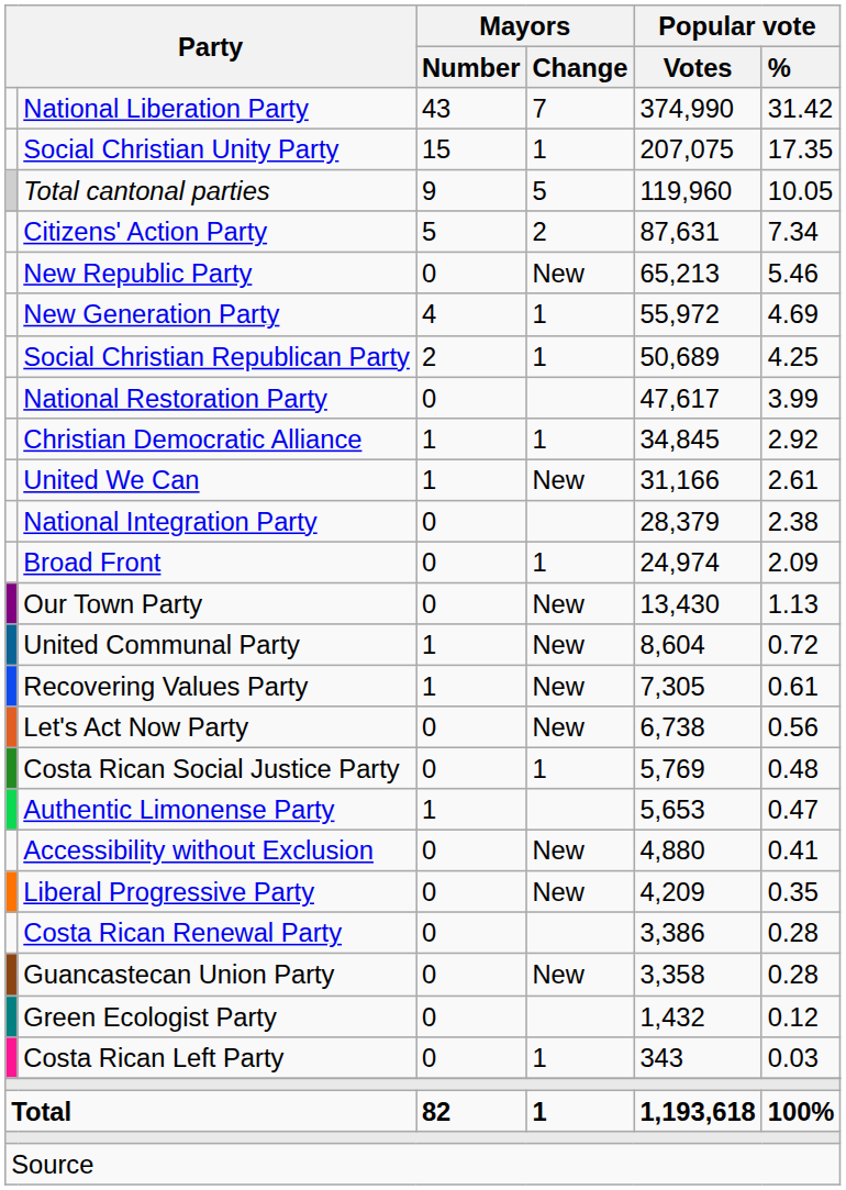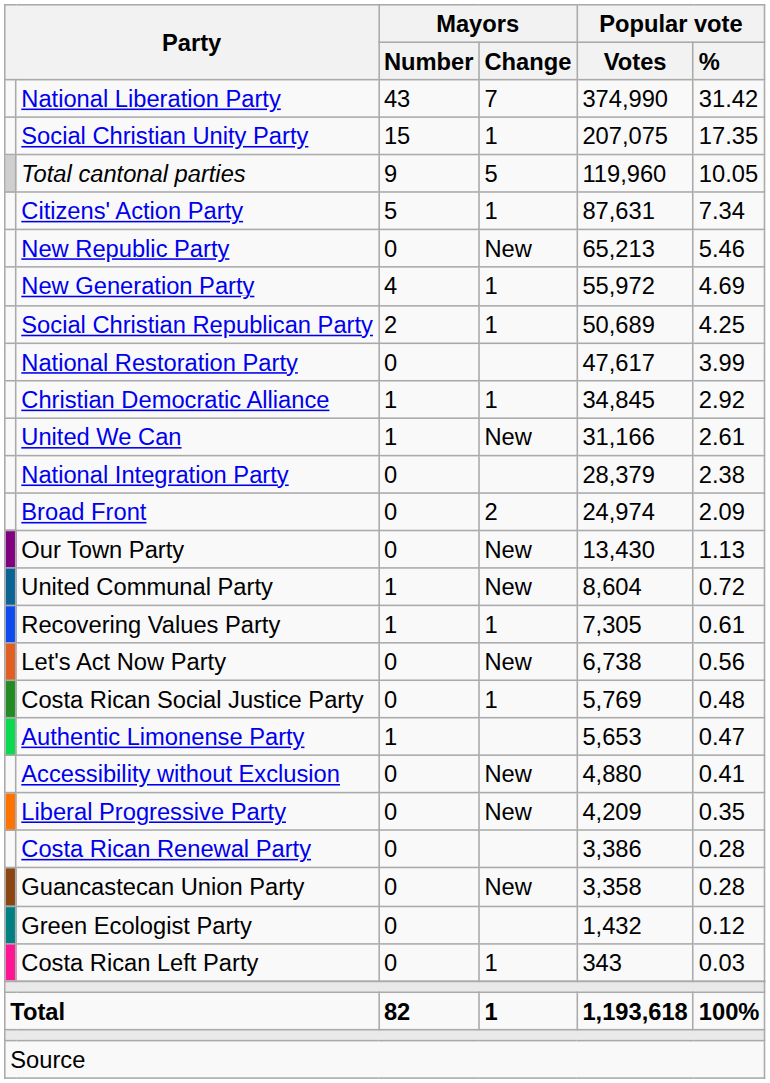 <table class="wikitable" style="text-align:left;font-size:95%;">
 <tr>
 <th colspan="2" rowspan="2">Party</th>
 <th colspan="2">Mayors</th>
 <th colspan="2">Popular vote</th>
 </tr>
 <tr>
 <th valign="top">Number</th>
 <th style="text-align: left;" valign="top">Change</th>
 <th valign="top">Votes</th>
 <th style="text-align: left;" valign="top">%</th>
 </tr>
 <tr>
 <td></td>
 <td><a href='#'>National Liberation Party</a></td>
 <td>43</td>
 <td>7</td>
 <td>374,990</td>
 <td>31.42</td>
 </tr>
 <tr>
 <td></td>
 <td><a href='#'>Social Christian Unity Party</a></td>
 <td>15</td>
 <td>1</td>
 <td>207,075</td>
 <td>17.35</td>
 </tr>
 <tr>
 <td bgcolor="#cfcfcf"></td>
 <td><em>Total cantonal parties</em></td>
 <td>9</td>
 <td>5</td>
 <td>119,960</td>
 <td>10.05</td>
 </tr>
 <tr>
 <td></td>
 <td><a href='#'>Citizens' Action Party</a></td>
 <td>5</td>
-<td>2</td>
+<td>1</td>
 <td>87,631</td>
 <td>7.34</td>
 </tr>
 <tr>
 <td></td>
 <td><a href='#'>New Republic Party</a></td>
 <td>0</td>
 <td>New</td>
 <td>65,213</td>
 <td>5.46</td>
 </tr>
 <tr>
 <td></td>
 <td><a href='#'>New Generation Party</a></td>
 <td>4</td>
 <td>1</td>
 <td>55,972</td>
 <td>4.69</td>
 </tr>
 <tr>
 <td></td>
 <td><a href='#'>Social Christian Republican Party</a></td>
 <td>2</td>
 <td>1</td>
 <td>50,689</td>
 <td>4.25</td>
 </tr>
 <tr>
 <td></td>
 <td><a href='#'>National Restoration Party</a></td>
 <td>0</td>
 <td></td>
 <td>47,617</td>
 <td>3.99</td>
 </tr>
 <tr>
 <td></td>
 <td><a href='#'>Christian Democratic Alliance</a></td>
 <td>1</td>
 <td>1</td>
 <td>34,845</td>
 <td>2.92</td>
 </tr>
 <tr>
 <td></td>
 <td><a href='#'>United We Can</a></td>
 <td>1</td>
 <td>New</td>
 <td>31,166</td>
 <td>2.61</td>
 </tr>
 <tr>
 <td></td>
 <td><a href='#'>National Integration Party</a></td>
 <td>0</td>
 <td></td>
 <td>28,379</td>
 <td>2.38</td>
 </tr>
 <tr>
 <td></td>
 <td><a href='#'>Broad Front</a></td>
 <td>0</td>
-<td>1</td>
+<td>2</td>
 <td>24,974</td>
 <td>2.09</td>
 </tr>
 <tr>
 <td bgcolor="#800080"></td>
 <td>Our Town Party</td>
 <td>0</td>
 <td>New</td>
 <td>13,430</td>
 <td>1.13</td>
 </tr>
 <tr>
 <td bgcolor="#096395"></td>
 <td>United Communal Party</td>
 <td>1</td>
 <td>New</td>
 <td>8,604</td>
 <td>0.72</td>
 </tr>
 <tr>
 <td bgcolor="#0E4BEF"></td>
 <td>Recovering Values Party</td>
 <td>1</td>
-<td>New</td>
+<td>1</td>
 <td>7,305</td>
 <td>0.61</td>
 </tr>
 <tr>
 <td bgcolor="#E25F23"></td>
 <td>Let's Act Now Party</td>
 <td>0</td>
 <td>New</td>
 <td>6,738</td>
 <td>0.56</td>
 </tr>
 <tr>
 <td bgcolor="#228B22"></td>
 <td>Costa Rican Social Justice Party</td>
 <td>0</td>
 <td>1</td>
 <td>5,769</td>
 <td>0.48</td>
 </tr>
 <tr>
 <td bgcolor="#0BDA51"></td>
 <td><a href='#'>Authentic Limonense Party</a></td>
 <td>1</td>
 <td></td>
 <td>5,653</td>
 <td>0.47</td>
 </tr>
 <tr>
 <td></td>
 <td><a href='#'>Accessibility without Exclusion</a></td>
 <td>0</td>
 <td>New</td>
 <td>4,880</td>
 <td>0.41</td>
 </tr>
 <tr>
 <td bgcolor="#FF7300"></td>
 <td><a href='#'>Liberal Progressive Party</a></td>
 <td>0</td>
 <td>New</td>
 <td>4,209</td>
 <td>0.35</td>
 </tr>
 <tr>
 <td></td>
 <td><a href='#'>Costa Rican Renewal Party</a></td>
 <td>0</td>
 <td></td>
 <td>3,386</td>
 <td>0.28</td>
 </tr>
 <tr>
 <td bgcolor="#8B4513"></td>
 <td>Guancastecan Union Party</td>
 <td>0</td>
 <td>New</td>
 <td>3,358</td>
 <td>0.28</td>
 </tr>
 <tr>
 <td bgcolor="#008080"></td>
 <td>Green Ecologist Party</td>
 <td>0</td>
 <td></td>
 <td>1,432</td>
 <td>0.12</td>
 </tr>
 <tr>
 <td bgcolor="#FF1493"></td>
 <td>Costa Rican Left Party</td>
 <td>0</td>
 <td>1</td>
 <td>343</td>
 <td>0.03</td>
 </tr>
 <tr>
 </tr>
 <tr>
 <td colspan="6" bgcolor="#E9E9E9"></td>
 </tr>
 <tr>
 <td colspan="2"><strong>Total</strong></td>
 <td><strong>82</strong></td>
 <td><strong>1</strong></td>
 <td><strong>1,193,618</strong></td>
 <td><strong>100%</strong></td>
 </tr>
 <tr>
 <td colspan="6" bgcolor="#E9E9E9"></td>
 </tr>
 <tr>
 <td colspan=6>Source</td>
 </tr>
 </table>
